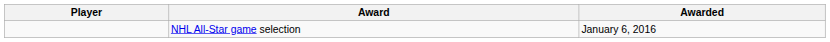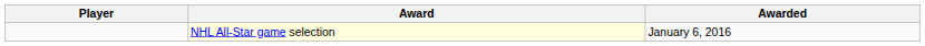 <table class="wikitable sortable" style="width:100%;">
 <tr>
 <th style="width:20%;">Player</th>
 <th style="width:50%;">Award</th>
 <th style="width:30%;" data-sort-type="date">Awarded</th>
 </tr>
 <tr>
 <td></td>
-<td><a href='#'>NHL All-Star game</a> selection</td>
+<td style="background: lightyellow;"><a href='#'>NHL All-Star game</a> selection</td>
 <td>January 6, 2016</td>
 </tr>
 </table>
